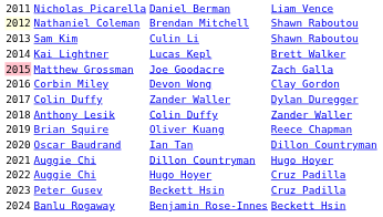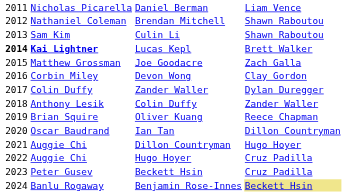 <table>
 <tr>
 <td style="text-align:center;">2011</td>
 <td><a href='#'>Nicholas Picarella</a></td>
 <td><a href='#'>Daniel Berman</a></td>
 <td><a href='#'>Liam Vence</a></td>
 </tr>
 <tr>
-<td style="background: lightyellow; text-align:center;">2012</td>
+<td style="text-align:center;">2012</td>
 <td><a href='#'>Nathaniel Coleman</a></td>
 <td><a href='#'>Brendan Mitchell</a></td>
 <td><a href='#'>Shawn Raboutou</a></td>
 </tr>
 <tr>
 <td style="text-align:center;">2013</td>
 <td><a href='#'>Sam Kim</a></td>
 <td><a href='#'>Culin Li</a></td>
 <td><a href='#'>Shawn Raboutou</a></td>
 </tr>
 <tr>
-<td style="text-align:center;">2014</td>
-<td><a href='#'>Kai Lightner</a></td>
+<td style="text-align:center;"><strong>2014</strong></td>
+<td><strong><a href='#'>Kai Lightner</a></strong></td>
 <td><a href='#'>Lucas Kepl</a></td>
 <td><a href='#'>Brett Walker</a></td>
 </tr>
 <tr>
-<td style="background: pink; text-align:center;">2015</td>
+<td style="text-align:center;">2015</td>
 <td><a href='#'>Matthew Grossman</a></td>
 <td><a href='#'>Joe Goodacre</a></td>
 <td><a href='#'>Zach Galla</a></td>
 </tr>
 <tr>
 <td style="text-align:center;">2016</td>
 <td><a href='#'>Corbin Miley</a></td>
 <td><a href='#'>Devon Wong</a></td>
 <td><a href='#'>Clay Gordon</a></td>
 </tr>
 <tr>
 <td style="text-align:center;">2017</td>
 <td><a href='#'>Colin Duffy</a></td>
 <td><a href='#'>Zander Waller</a></td>
 <td><a href='#'>Dylan Duregger</a></td>
 </tr>
 <tr>
 <td style="text-align:center;">2018</td>
 <td><a href='#'>Anthony Lesik</a></td>
 <td><a href='#'>Colin Duffy</a></td>
 <td><a href='#'>Zander Waller</a></td>
 </tr>
 <tr>
 <td style="text-align:center;">2019</td>
 <td><a href='#'>Brian Squire</a></td>
 <td><a href='#'>Oliver Kuang</a></td>
 <td><a href='#'>Reece Chapman</a></td>
 </tr>
 <tr>
 <td style="text-align:center;">2020</td>
 <td><a href='#'>Oscar Baudrand</a></td>
 <td><a href='#'>Ian Tan</a></td>
 <td><a href='#'>Dillon Countryman</a></td>
 </tr>
 <tr>
 <td style="text-align:center;">2021</td>
 <td><a href='#'>Auggie Chi</a></td>
 <td><a href='#'>Dillon Countryman</a></td>
 <td><a href='#'>Hugo Hoyer</a></td>
 </tr>
 <tr>
 <td style="text-align:center;">2022</td>
 <td><a href='#'>Auggie Chi</a></td>
 <td><a href='#'>Hugo Hoyer</a></td>
 <td><a href='#'>Cruz Padilla</a></td>
 </tr>
 <tr>
 <td style="text-align:center;">2023</td>
 <td><a href='#'>Peter Gusev</a></td>
 <td><a href='#'>Beckett Hsin</a></td>
 <td><a href='#'>Cruz Padilla</a></td>
 </tr>
 <tr>
 <td style="text-align:center;">2024</td>
 <td><a href='#'>Banlu Rogaway</a></td>
 <td><a href='#'>Benjamin Rose-Innes</a></td>
-<td><a href='#'>Beckett Hsin</a></td>
+<td style="background: khaki;"><a href='#'>Beckett Hsin</a></td>
 </tr>
 </table>
